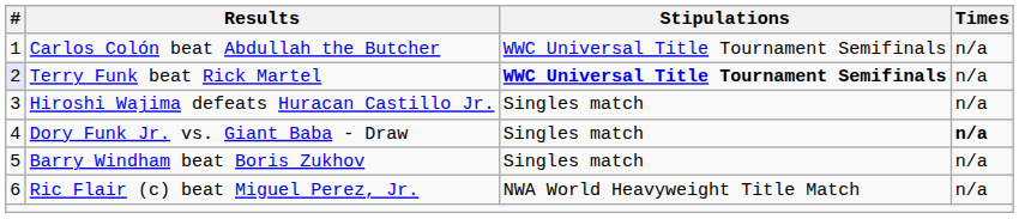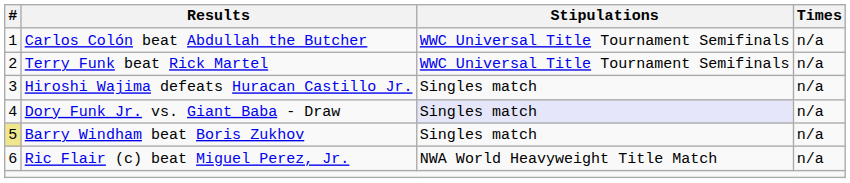 <table style="font-size: 85%" class="wikitable sortable">
 <tr>
 <th><strong>#</strong></th>
 <th><strong>Results</strong></th>
 <th><strong>Stipulations</strong></th>
 <th><strong>Times</strong></th>
 </tr>
 <tr>
 <td>1</td>
 <td><a href='#'>Carlos Colón</a> beat <a href='#'>Abdullah the Butcher</a></td>
 <td><a href='#'>WWC Universal Title</a> Tournament Semifinals</td>
 <td>n/a</td>
 </tr>
 <tr>
-<td style="background: lavender;">2</td>
+<td>2</td>
 <td><a href='#'>Terry Funk</a> beat <a href='#'>Rick Martel</a></td>
-<td><strong><a href='#'>WWC Universal Title</a> Tournament Semifinals</strong></td>
+<td><a href='#'>WWC Universal Title</a> Tournament Semifinals</td>
 <td>n/a</td>
 </tr>
 <tr>
 <td>3</td>
 <td><a href='#'>Hiroshi Wajima</a> defeats <a href='#'>Huracan Castillo Jr.</a></td>
 <td>Singles match</td>
 <td>n/a</td>
 </tr>
 <tr>
 <td>4</td>
 <td><a href='#'>Dory Funk Jr.</a> vs. <a href='#'>Giant Baba</a> - Draw</td>
-<td>Singles match</td>
-<td><strong>n/a</strong></td>
+<td style="background: lavender;">Singles match</td>
+<td>n/a</td>
 </tr>
 <tr>
-<td>5</td>
+<td style="background: khaki;">5</td>
 <td><a href='#'>Barry Windham</a> beat <a href='#'>Boris Zukhov</a></td>
 <td>Singles match</td>
 <td>n/a</td>
 </tr>
 <tr>
 <td>6</td>
 <td><a href='#'>Ric Flair</a> (c) beat <a href='#'>Miguel Perez, Jr.</a></td>
 <td>NWA World Heavyweight Title Match</td>
 <td>n/a</td>
 </tr>
 <tr>
 <td colspan=4></td>
 </tr>
 </table>
